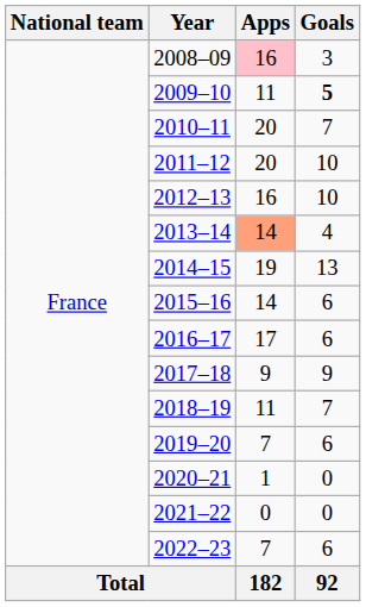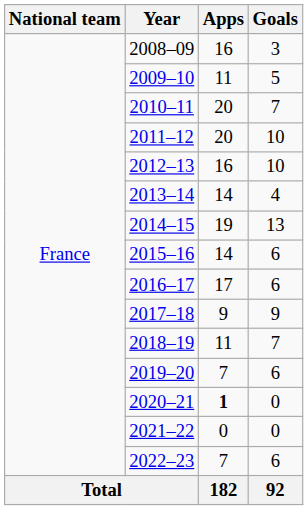 <table class="wikitable" style="text-align:center">
 <tr>
 <th>National team</th>
 <th>Year</th>
 <th>Apps</th>
 <th>Goals</th>
 </tr>
 <tr>
 <td rowspan="15"><a href='#'>France</a></td>
 <td>2008–09</td>
-<td style="background: pink;">16</td>
+<td>16</td>
 <td>3</td>
 </tr>
 <tr>
 <td><a href='#'>2009–10</a></td>
 <td>11</td>
-<td><strong>5</strong></td>
+<td>5</td>
 </tr>
 <tr>
 <td><a href='#'>2010–11</a></td>
 <td>20</td>
 <td>7</td>
 </tr>
 <tr>
 <td><a href='#'>2011–12</a></td>
 <td>20</td>
 <td>10</td>
 </tr>
 <tr>
 <td><a href='#'>2012–13</a></td>
 <td>16</td>
 <td>10</td>
 </tr>
 <tr>
 <td><a href='#'>2013–14</a></td>
-<td style="background: lightsalmon;">14</td>
+<td>14</td>
 <td>4</td>
 </tr>
 <tr>
 <td><a href='#'>2014–15</a></td>
 <td>19</td>
 <td>13</td>
 </tr>
 <tr>
 <td><a href='#'>2015–16</a></td>
 <td>14</td>
 <td>6</td>
 </tr>
 <tr>
 <td><a href='#'>2016–17</a></td>
 <td>17</td>
 <td>6</td>
 </tr>
 <tr>
 <td><a href='#'>2017–18</a></td>
 <td>9</td>
 <td>9</td>
 </tr>
 <tr>
 <td><a href='#'>2018–19</a></td>
 <td>11</td>
 <td>7</td>
 </tr>
 <tr>
 <td><a href='#'>2019–20</a></td>
 <td>7</td>
 <td>6</td>
 </tr>
 <tr>
 <td><a href='#'>2020–21</a></td>
-<td>1</td>
+<td><strong>1</strong></td>
 <td>0</td>
 </tr>
 <tr>
 <td><a href='#'>2021–22</a></td>
 <td>0</td>
 <td>0</td>
 </tr>
 <tr>
 <td><a href='#'>2022–23</a></td>
 <td>7</td>
 <td>6</td>
 </tr>
 <tr>
 <th colspan="2">Total</th>
 <th>182</th>
 <th>92</th>
 </tr>
 </table>
